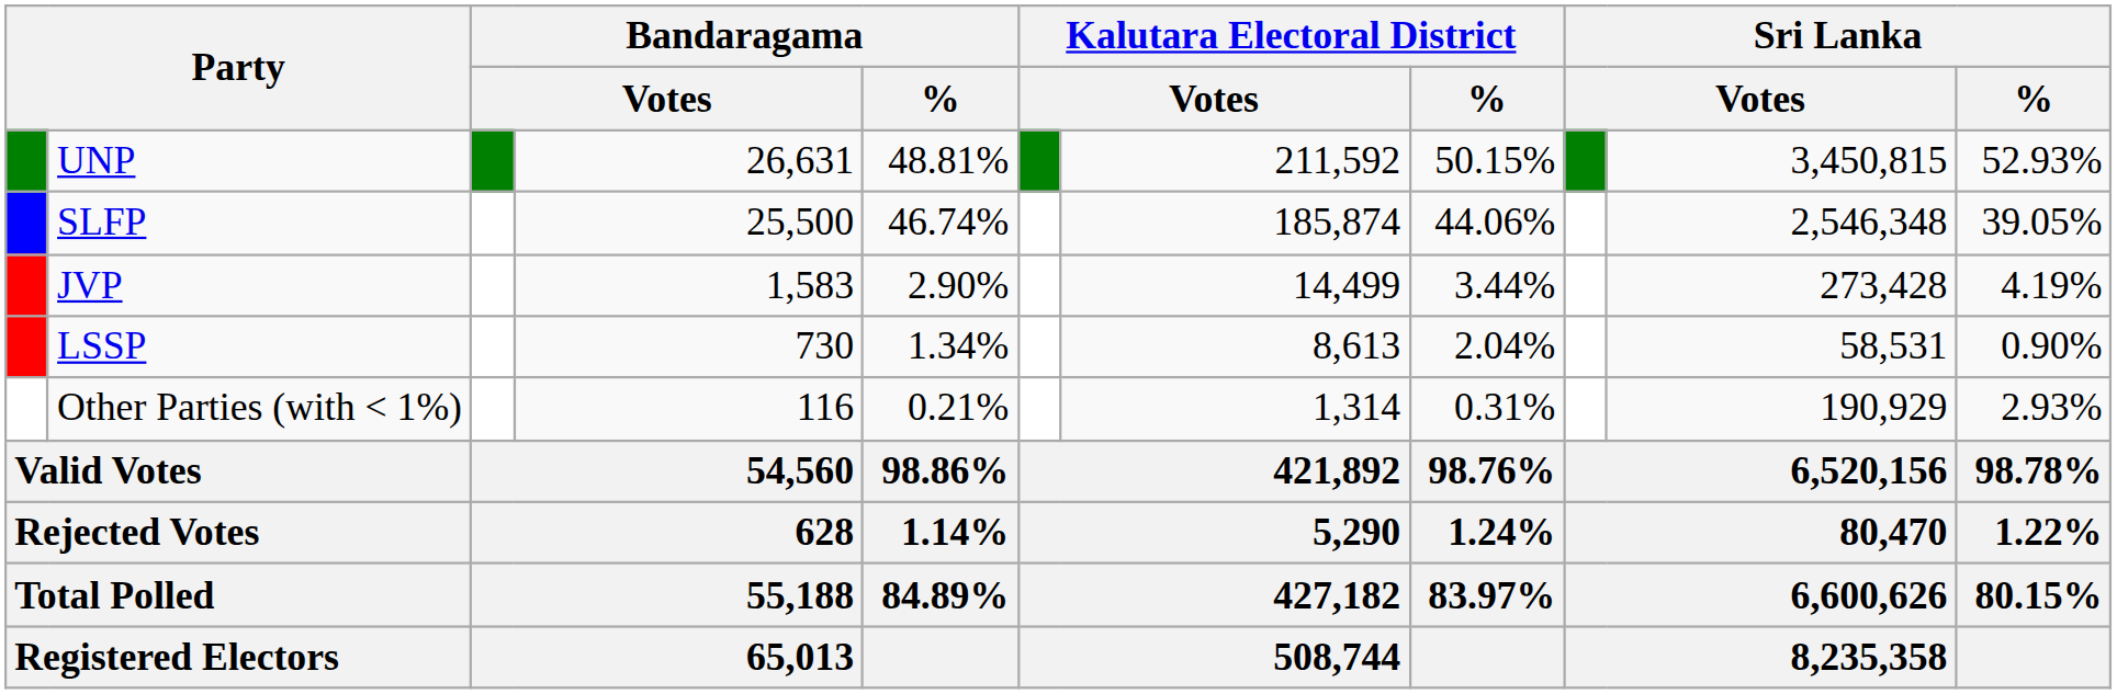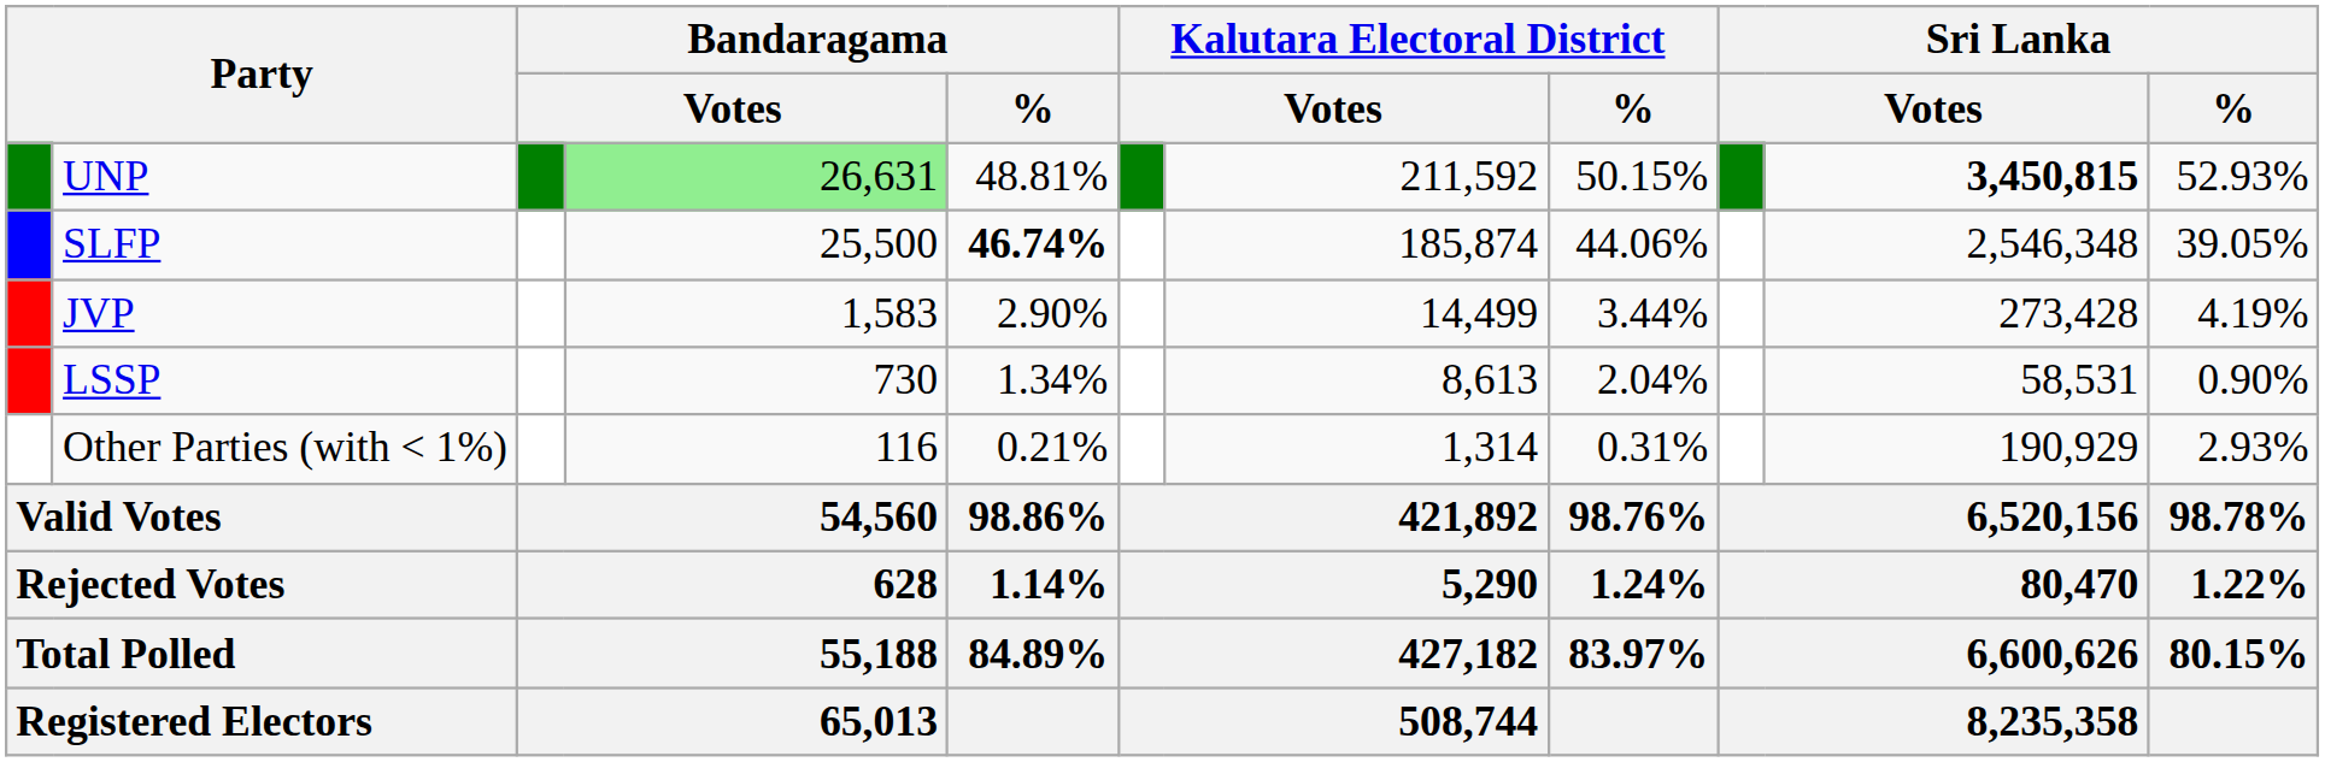 <table class="wikitable">
 <tr>
 <th colspan="2" width="144px"rowspan="2">Party</th>
 <th colspan="3" width="216px">Bandaragama</th>
 <th colspan="3" width="216px"><a href='#'>Kalutara Electoral District</a></th>
 <th colspan="3" width="216px">Sri Lanka</th>
 </tr>
 <tr>
 <th colspan="2" width="144px">Votes</th>
 <th>%</th>
 <th colspan="2" width="144px">Votes</th>
 <th>%</th>
 <th colspan="2" width="144px">Votes</th>
 <th>%</th>
 </tr>
 <tr>
 <td style="background-color:green;" width="10px"></td>
 <td style="text-align:left;"><a href='#'>UNP</a></td>
 <td style="background-color:green;" width="10px"></td>
-<td style="text-align:right;">26,631</td>
+<td style="background: lightgreen; text-align:right;">26,631</td>
 <td style="text-align:right;">48.81%</td>
 <td style="background-color:green;" width="10px"></td>
 <td style="text-align:right;">211,592</td>
 <td style="text-align:right;">50.15%</td>
 <td style="background-color:green;" width="10px"></td>
-<td style="text-align:right;">3,450,815</td>
+<td style="text-align:right;"><strong>3,450,815</strong></td>
 <td style="text-align:right;">52.93%</td>
 </tr>
 <tr>
 <td style="background-color:blue;" width="10px"></td>
 <td style="text-align:left;"><a href='#'>SLFP</a></td>
 <td style="background-color:white;" width="10px"></td>
 <td style="text-align:right;">25,500</td>
-<td style="text-align:right;">46.74%</td>
+<td style="text-align:right;"><strong>46.74%</strong></td>
 <td style="background-color:white;" width="10px"></td>
 <td style="text-align:right;">185,874</td>
 <td style="text-align:right;">44.06%</td>
 <td style="background-color:white;" width="10px"></td>
 <td style="text-align:right;">2,546,348</td>
 <td style="text-align:right;">39.05%</td>
 </tr>
 <tr>
 <td style="background-color:red;" width="10px"></td>
 <td style="text-align:left;"><a href='#'>JVP</a></td>
 <td style="background-color:white;" width="10px"></td>
 <td style="text-align:right;">1,583</td>
 <td style="text-align:right;">2.90%</td>
 <td style="background-color:white;" width="10px"></td>
 <td style="text-align:right;">14,499</td>
 <td style="text-align:right;">3.44%</td>
 <td style="background-color:white;" width="10px"></td>
 <td style="text-align:right;">273,428</td>
 <td style="text-align:right;">4.19%</td>
 </tr>
 <tr>
 <td style="background-color:red;" width="10px"></td>
 <td style="text-align:left;"><a href='#'>LSSP</a></td>
 <td style="background-color:white;" width="10px"></td>
 <td style="text-align:right;">730</td>
 <td style="text-align:right;">1.34%</td>
 <td style="background-color:white;" width="10px"></td>
 <td style="text-align:right;">8,613</td>
 <td style="text-align:right;">2.04%</td>
 <td style="background-color:white;" width="10px"></td>
 <td style="text-align:right;">58,531</td>
 <td style="text-align:right;">0.90%</td>
 </tr>
 <tr>
 <td style="background-color:white;" width="10px"></td>
 <td style="text-align:left;">Other Parties (with < 1%)</td>
 <td style="background-color:white;" width="10px"></td>
 <td style="text-align:right;">116</td>
 <td style="text-align:right;">0.21%</td>
 <td style="background-color:white;" width="10px"></td>
 <td style="text-align:right;">1,314</td>
 <td style="text-align:right;">0.31%</td>
 <td style="background-color:white;" width="10px"></td>
 <td style="text-align:right;">190,929</td>
 <td style="text-align:right;">2.93%</td>
 </tr>
 <tr>
 <th colspan="2" width="144px"style="text-align:left;">Valid Votes</th>
 <th style="text-align:right;"colspan="2" width="144px">54,560</th>
 <th style="text-align:right;">98.86%</th>
 <th style="text-align:right;"colspan="2" width="144px">421,892</th>
 <th style="text-align:right;">98.76%</th>
 <th style="text-align:right;"colspan="2" width="144px">6,520,156</th>
 <th style="text-align:right;">98.78%</th>
 </tr>
 <tr>
 <th colspan="2" width="144px"style="text-align:left;">Rejected Votes</th>
 <th style="text-align:right;"colspan="2" width="144px">628</th>
 <th style="text-align:right;">1.14%</th>
 <th style="text-align:right;"colspan="2" width="144px">5,290</th>
 <th style="text-align:right;">1.24%</th>
 <th style="text-align:right;"colspan="2" width="144px">80,470</th>
 <th style="text-align:right;">1.22%</th>
 </tr>
 <tr>
 <th colspan="2" width="144px"style="text-align:left;">Total Polled</th>
 <th style="text-align:right;"colspan="2" width="144px">55,188</th>
 <th style="text-align:right;">84.89%</th>
 <th style="text-align:right;"colspan="2" width="144px">427,182</th>
 <th style="text-align:right;">83.97%</th>
 <th style="text-align:right;"colspan="2" width="144px">6,600,626</th>
 <th style="text-align:right;">80.15%</th>
 </tr>
 <tr>
 <th colspan="2" width="144px"style="text-align:left;">Registered Electors</th>
 <th style="text-align:right;"colspan="2" width="144px">65,013</th>
 <th></th>
 <th style="text-align:right;"colspan="2" width="144px">508,744</th>
 <th></th>
 <th style="text-align:right;"colspan="2" width="144px">8,235,358</th>
 <th></th>
 </tr>
 </table>
